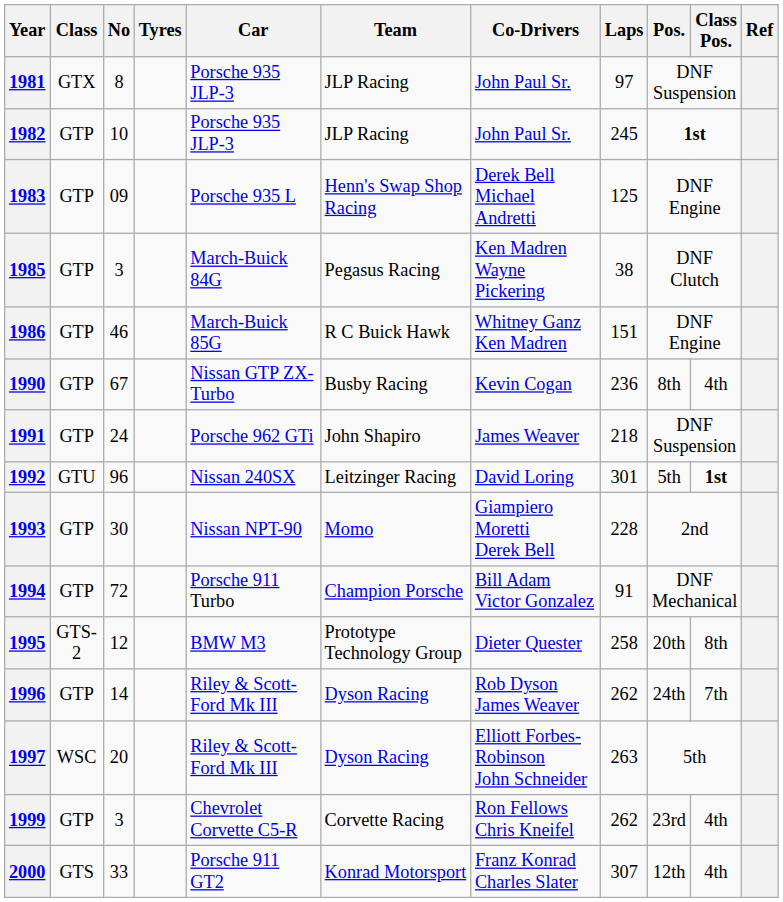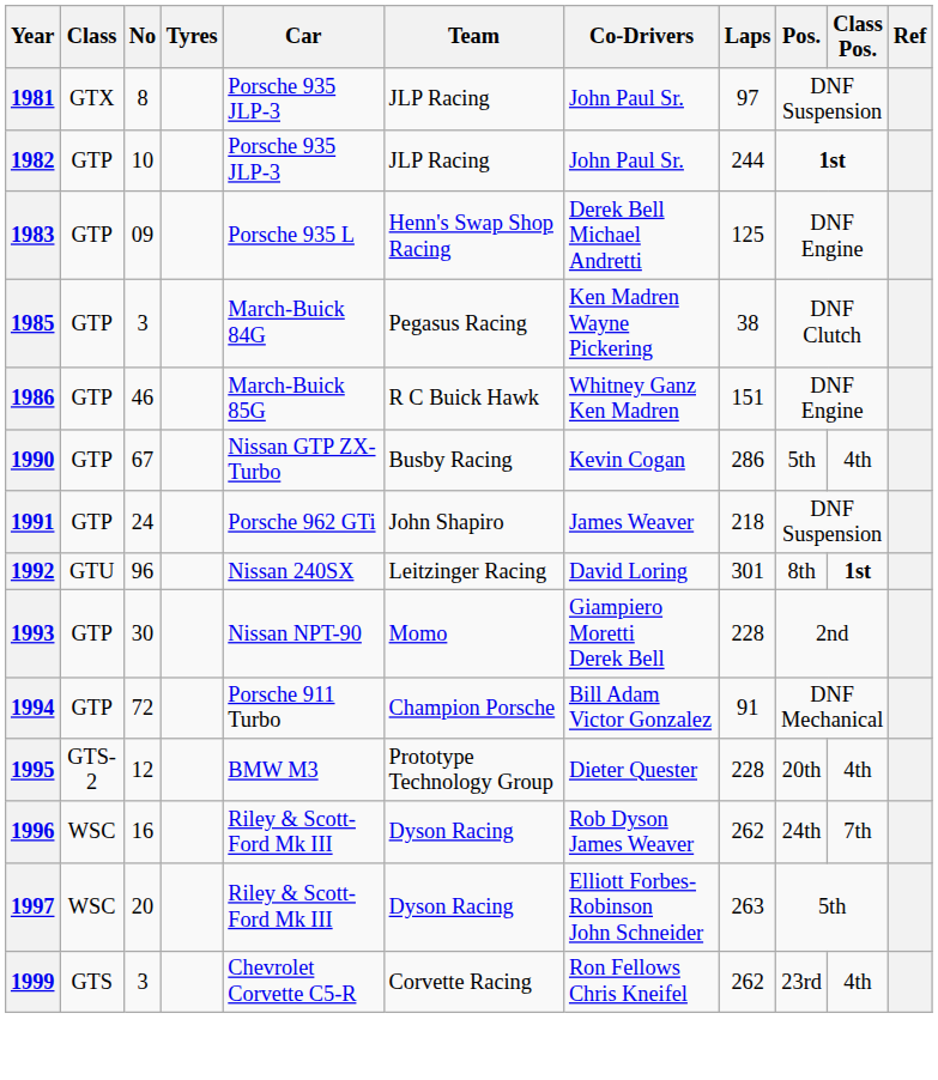 <table class="wikitable" style="text-align:center; font-size:90%">
 <tr>
 <th>Year</th>
 <th>Class</th>
 <th>No</th>
 <th>Tyres</th>
 <th>Car</th>
 <th>Team</th>
 <th>Co-Drivers</th>
 <th>Laps</th>
 <th>Pos.</th>
 <th>Class<br>Pos.</th>
 <th>Ref</th>
 </tr>
 <tr>
 <th><a href='#'>1981</a></th>
 <td>GTX</td>
 <td>8</td>
 <td></td>
 <td style="text-align:left;"><a href='#'>Porsche 935 JLP-3</a></td>
 <td align="left"> JLP Racing</td>
 <td align="left"> <a href='#'>John Paul Sr.</a></td>
 <td>97</td>
 <td colspan=2>DNF<br>Suspension</td>
 <th></th>
 </tr>
 <tr>
 <th><a href='#'>1982</a></th>
 <td>GTP</td>
 <td>10</td>
 <td></td>
 <td style="text-align:left;"><a href='#'>Porsche 935 JLP-3</a></td>
 <td align="left"> JLP Racing</td>
 <td align="left"> <a href='#'>John Paul Sr.</a></td>
-<td>245</td>
+<td>244</td>
 <td colspan=2><strong>1st</strong></td>
 <th></th>
 </tr>
 <tr>
 <th><a href='#'>1983</a></th>
 <td>GTP</td>
 <td>09</td>
 <td></td>
 <td style="text-align:left;"><a href='#'>Porsche 935 L</a></td>
 <td align="left"> <a href='#'>Henn's Swap Shop Racing</a></td>
 <td align="left"> <a href='#'>Derek Bell</a><br> <a href='#'>Michael Andretti</a></td>
 <td>125</td>
 <td colspan=2>DNF<br>Engine</td>
 <th></th>
 </tr>
 <tr>
 <th><a href='#'>1985</a></th>
 <td>GTP</td>
 <td>3</td>
 <td></td>
 <td style="text-align:left;"><a href='#'>March-Buick 84G</a></td>
 <td align="left">  Pegasus Racing</td>
 <td align="left"> <a href='#'>Ken Madren</a><br> <a href='#'>Wayne Pickering</a></td>
 <td>38</td>
 <td colspan=2>DNF<br>Clutch</td>
 <th></th>
 </tr>
 <tr>
 <th><a href='#'>1986</a></th>
 <td>GTP</td>
 <td>46</td>
 <td></td>
 <td style="text-align:left;"><a href='#'>March-Buick 85G</a></td>
 <td align="left">  R C Buick Hawk</td>
 <td align="left"> <a href='#'>Whitney Ganz</a><br> <a href='#'>Ken Madren</a></td>
 <td>151</td>
 <td colspan=2>DNF<br>Engine</td>
 <th></th>
 </tr>
 <tr>
 <th><a href='#'>1990</a></th>
 <td>GTP</td>
 <td>67</td>
 <td></td>
 <td style="text-align:left;"><a href='#'>Nissan GTP ZX-Turbo</a></td>
 <td align="left"> Busby Racing</td>
 <td align="left"> <a href='#'>Kevin Cogan</a></td>
-<td>236</td>
-<td>8th</td>
+<td>286</td>
+<td>5th</td>
 <td>4th</td>
 <th></th>
 </tr>
 <tr>
 <th><a href='#'>1991</a></th>
 <td>GTP</td>
 <td>24</td>
 <td></td>
 <td style="text-align:left;"><a href='#'>Porsche 962 GTi</a></td>
 <td align="left"> John Shapiro</td>
 <td align="left"> <a href='#'>James Weaver</a></td>
 <td>218</td>
 <td colspan=2>DNF<br>Suspension</td>
 <th></th>
 </tr>
 <tr>
 <th><a href='#'>1992</a></th>
 <td>GTU</td>
 <td>96</td>
 <td></td>
 <td style="text-align:left;"><a href='#'>Nissan 240SX</a></td>
 <td align="left"> Leitzinger Racing</td>
 <td align="left"> <a href='#'>David Loring</a></td>
 <td>301</td>
-<td>5th</td>
+<td>8th</td>
 <td><strong>1st</strong></td>
 <th></th>
 </tr>
 <tr>
 <th><a href='#'>1993</a></th>
 <td>GTP</td>
 <td>30</td>
 <td></td>
 <td style="text-align:left;"><a href='#'>Nissan NPT-90</a></td>
 <td align="left"> <a href='#'>Momo</a></td>
 <td align="left"> <a href='#'>Giampiero Moretti</a><br> <a href='#'>Derek Bell</a></td>
 <td>228</td>
 <td colspan=2>2nd</td>
 <th></th>
 </tr>
 <tr>
 <th><a href='#'>1994</a></th>
 <td>GTP</td>
 <td>72</td>
 <td></td>
 <td style="text-align:left;"><a href='#'>Porsche 911</a> Turbo</td>
 <td align="left"> <a href='#'>Champion Porsche</a></td>
 <td align="left"> <a href='#'>Bill Adam</a><br> <a href='#'>Victor Gonzalez</a></td>
 <td>91</td>
 <td colspan=2>DNF<br>Mechanical</td>
 <th></th>
 </tr>
 <tr>
 <th><a href='#'>1995</a></th>
 <td>GTS-2</td>
 <td>12</td>
 <td></td>
 <td style="text-align:left;"><a href='#'>BMW M3</a></td>
 <td align="left"> Prototype Technology Group</td>
 <td align="left"> <a href='#'>Dieter Quester</a></td>
-<td>258</td>
+<td>228</td>
 <td>20th</td>
-<td>8th</td>
+<td>4th</td>
 <th></th>
 </tr>
 <tr>
 <th><a href='#'>1996</a></th>
-<td>GTP</td>
-<td>14</td>
+<td>WSC</td>
+<td>16</td>
 <td></td>
 <td style="text-align:left;"><a href='#'>Riley & Scott-Ford Mk III</a></td>
 <td align="left"> <a href='#'>Dyson Racing</a></td>
 <td align="left"> <a href='#'>Rob Dyson</a><br> <a href='#'>James Weaver</a></td>
 <td>262</td>
 <td>24th</td>
 <td>7th</td>
 <th></th>
 </tr>
 <tr>
 <th><a href='#'>1997</a></th>
 <td>WSC</td>
 <td>20</td>
 <td></td>
 <td style="text-align:left;"><a href='#'>Riley & Scott-Ford Mk III</a></td>
 <td align="left"> <a href='#'>Dyson Racing</a></td>
 <td align="left"> <a href='#'>Elliott Forbes-Robinson</a><br> <a href='#'>John Schneider</a></td>
 <td>263</td>
 <td colspan=2>5th</td>
 <th></th>
 </tr>
 <tr>
 <th><a href='#'>1999</a></th>
-<td>GTP</td>
+<td>GTS</td>
 <td>3</td>
 <td></td>
 <td style="text-align:left;"><a href='#'>Chevrolet Corvette C5-R</a></td>
 <td align="left"> Corvette Racing</td>
 <td align="left"> <a href='#'>Ron Fellows</a><br> <a href='#'>Chris Kneifel</a></td>
 <td>262</td>
 <td>23rd</td>
 <td>4th</td>
 <th></th>
 </tr>
-<tr>
-<th><a href='#'>2000</a></th>
-<td>GTS</td>
-<td>33</td>
-<td></td>
-<td style="text-align:left;"><a href='#'>Porsche 911 GT2</a></td>
-<td align="left"> <a href='#'>Konrad Motorsport</a></td>
-<td align="left"> <a href='#'>Franz Konrad</a><br> <a href='#'>Charles Slater</a></td>
-<td>307</td>
-<td>12th</td>
-<td>4th</td>
-<th></th>
-</tr>
 </table>
